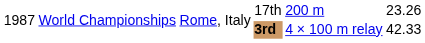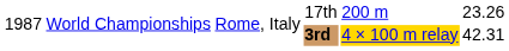 <table>
 <tr>
 <td rowspan=2>1987</td>
 <td rowspan=2><a href='#'>World Championships</a></td>
 <td rowspan=2><a href='#'>Rome</a>, Italy</td>
 <td>17th</td>
 <td><a href='#'>200 m</a></td>
 <td>23.26</td>
 </tr>
 <tr>
 <td bgcolor=cc9966><strong>3rd</strong></td>
-<td><a href='#'>4 × 100 m relay</a></td>
-<td>42.33</td>
+<td style="background: gold;"><a href='#'>4 × 100 m relay</a></td>
+<td>42.31</td>
 </tr>
 </table>
